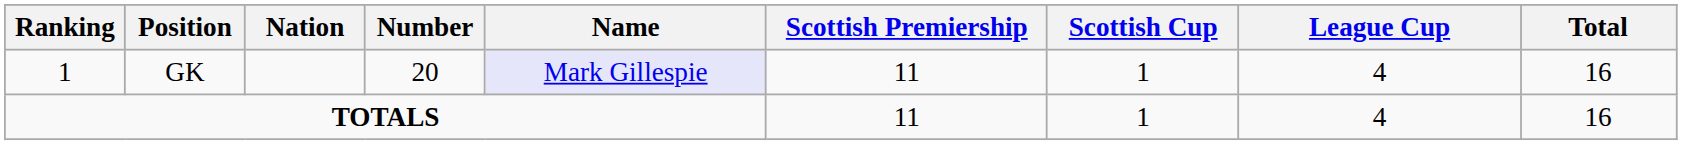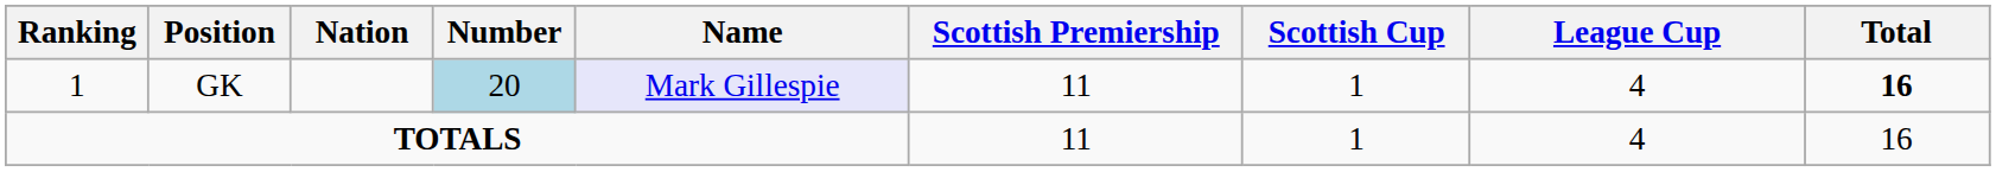 <table class="wikitable" style="font-size: 95%; text-align: center;">
 <tr>
 <th width=60>Ranking</th>
 <th width=60>Position</th>
 <th width=60>Nation</th>
 <th width=60>Number</th>
 <th width=150>Name</th>
 <th width=150><a href='#'>Scottish Premiership</a></th>
 <th width=100><a href='#'>Scottish Cup</a></th>
 <th width=150><a href='#'>League Cup</a></th>
 <th width=80>Total</th>
 </tr>
 <tr>
 <td>1</td>
 <td>GK</td>
 <td></td>
-<td>20</td>
+<td style="background: lightblue;">20</td>
 <td style="background: lavender;"><a href='#'>Mark Gillespie</a></td>
 <td>11</td>
 <td>1</td>
 <td>4</td>
-<td>16</td>
+<td><strong>16</strong></td>
 </tr>
 <tr>
 <td colspan="5"><strong>TOTALS</strong></td>
 <td>11</td>
 <td>1</td>
 <td>4</td>
 <td>16</td>
 </tr>
 </table>
